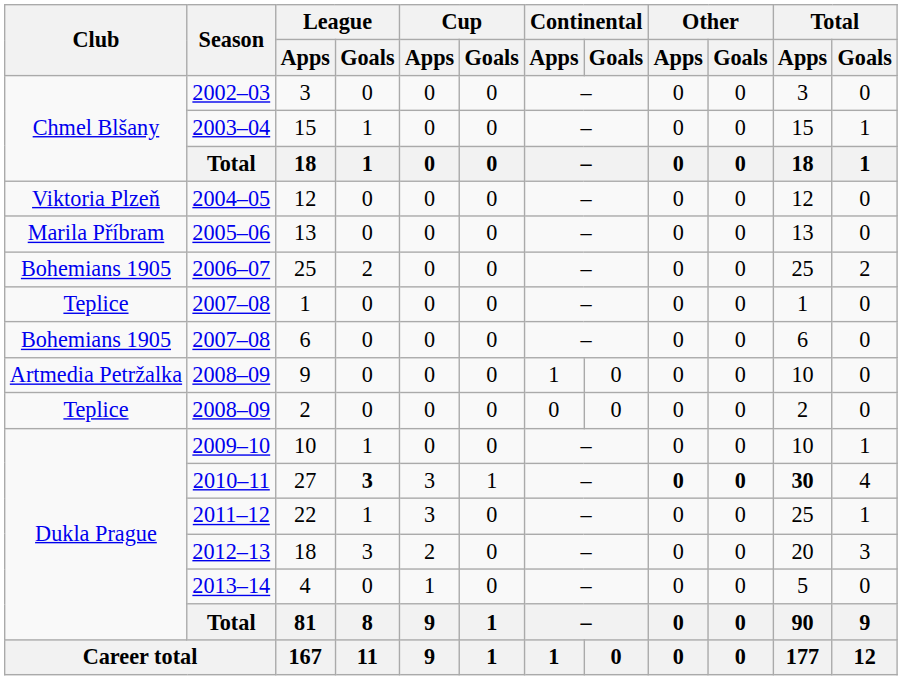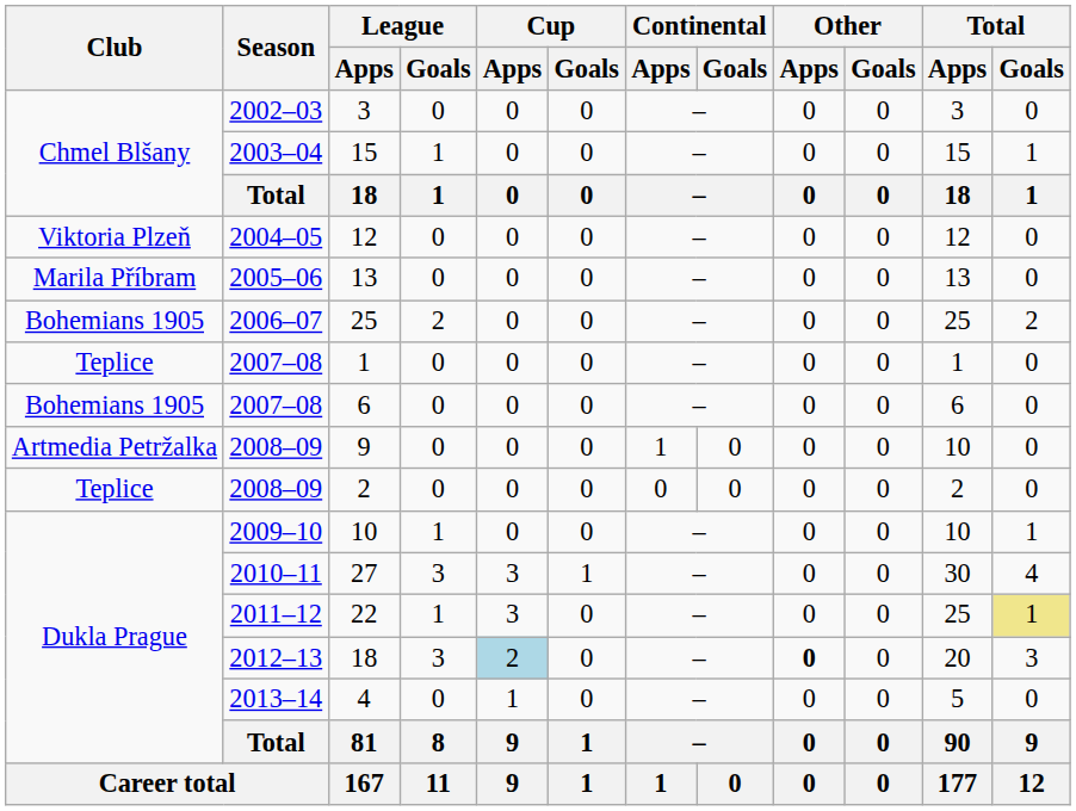 <table class="wikitable" style="text-align:center">
 <tr>
 <th rowspan="2">Club</th>
 <th rowspan="2">Season</th>
 <th colspan="2">League</th>
 <th colspan="2">Cup</th>
 <th colspan="2">Continental</th>
 <th colspan="2">Other</th>
 <th colspan="2">Total</th>
 </tr>
 <tr>
 <th>Apps</th>
 <th>Goals</th>
 <th>Apps</th>
 <th>Goals</th>
 <th>Apps</th>
 <th>Goals</th>
 <th>Apps</th>
 <th>Goals</th>
 <th>Apps</th>
 <th>Goals</th>
 </tr>
 <tr>
 <td rowspan="3"><a href='#'>Chmel Blšany</a></td>
 <td><a href='#'>2002–03</a></td>
 <td>3</td>
 <td>0</td>
 <td>0</td>
 <td>0</td>
 <td colspan="2">–</td>
 <td>0</td>
 <td>0</td>
 <td>3</td>
 <td>0</td>
 </tr>
 <tr>
 <td><a href='#'>2003–04</a></td>
 <td>15</td>
 <td>1</td>
 <td>0</td>
 <td>0</td>
 <td colspan="2">–</td>
 <td>0</td>
 <td>0</td>
 <td>15</td>
 <td>1</td>
 </tr>
 <tr>
 <th>Total</th>
 <th>18</th>
 <th>1</th>
 <th>0</th>
 <th>0</th>
 <th colspan="2">–</th>
 <th>0</th>
 <th>0</th>
 <th>18</th>
 <th>1</th>
 </tr>
 <tr>
 <td><a href='#'>Viktoria Plzeň</a></td>
 <td><a href='#'>2004–05</a></td>
 <td>12</td>
 <td>0</td>
 <td>0</td>
 <td>0</td>
 <td colspan="2">–</td>
 <td>0</td>
 <td>0</td>
 <td>12</td>
 <td>0</td>
 </tr>
 <tr>
 <td><a href='#'>Marila Příbram</a></td>
 <td><a href='#'>2005–06</a></td>
 <td>13</td>
 <td>0</td>
 <td>0</td>
 <td>0</td>
 <td colspan="2">–</td>
 <td>0</td>
 <td>0</td>
 <td>13</td>
 <td>0</td>
 </tr>
 <tr>
 <td><a href='#'>Bohemians 1905</a></td>
 <td><a href='#'>2006–07</a></td>
 <td>25</td>
 <td>2</td>
 <td>0</td>
 <td>0</td>
 <td colspan="2">–</td>
 <td>0</td>
 <td>0</td>
 <td>25</td>
 <td>2</td>
 </tr>
 <tr>
 <td><a href='#'>Teplice</a></td>
 <td><a href='#'>2007–08</a></td>
 <td>1</td>
 <td>0</td>
 <td>0</td>
 <td>0</td>
 <td colspan="2">–</td>
 <td>0</td>
 <td>0</td>
 <td>1</td>
 <td>0</td>
 </tr>
 <tr>
 <td><a href='#'>Bohemians 1905</a></td>
 <td><a href='#'>2007–08</a></td>
 <td>6</td>
 <td>0</td>
 <td>0</td>
 <td>0</td>
 <td colspan="2">–</td>
 <td>0</td>
 <td>0</td>
 <td>6</td>
 <td>0</td>
 </tr>
 <tr>
 <td><a href='#'>Artmedia Petržalka</a></td>
 <td><a href='#'>2008–09</a></td>
 <td>9</td>
 <td>0</td>
 <td>0</td>
 <td>0</td>
 <td>1</td>
 <td>0</td>
 <td>0</td>
 <td>0</td>
 <td>10</td>
 <td>0</td>
 </tr>
 <tr>
 <td><a href='#'>Teplice</a></td>
 <td><a href='#'>2008–09</a></td>
 <td>2</td>
 <td>0</td>
 <td>0</td>
 <td>0</td>
 <td>0</td>
 <td>0</td>
 <td>0</td>
 <td>0</td>
 <td>2</td>
 <td>0</td>
 </tr>
 <tr>
 <td rowspan="6"><a href='#'>Dukla Prague</a></td>
 <td><a href='#'>2009–10</a></td>
 <td>10</td>
 <td>1</td>
 <td>0</td>
 <td>0</td>
 <td colspan="2">–</td>
 <td>0</td>
 <td>0</td>
 <td>10</td>
 <td>1</td>
 </tr>
 <tr>
 <td><a href='#'>2010–11</a></td>
 <td>27</td>
-<td><strong>3</strong></td>
+<td>3</td>
 <td>3</td>
 <td>1</td>
 <td colspan="2">–</td>
-<td><strong>0</strong></td>
-<td><strong>0</strong></td>
-<td><strong>30</strong></td>
+<td>0</td>
+<td>0</td>
+<td>30</td>
 <td>4</td>
 </tr>
 <tr>
 <td><a href='#'>2011–12</a></td>
 <td>22</td>
 <td>1</td>
 <td>3</td>
 <td>0</td>
 <td colspan="2">–</td>
 <td>0</td>
 <td>0</td>
 <td>25</td>
-<td>1</td>
+<td style="background: khaki;">1</td>
 </tr>
 <tr>
 <td><a href='#'>2012–13</a></td>
 <td>18</td>
 <td>3</td>
-<td>2</td>
+<td style="background: lightblue;">2</td>
 <td>0</td>
 <td colspan="2">–</td>
-<td>0</td>
+<td><strong>0</strong></td>
 <td>0</td>
 <td>20</td>
 <td>3</td>
 </tr>
 <tr>
 <td><a href='#'>2013–14</a></td>
 <td>4</td>
 <td>0</td>
 <td>1</td>
 <td>0</td>
 <td colspan="2">–</td>
 <td>0</td>
 <td>0</td>
 <td>5</td>
 <td>0</td>
 </tr>
 <tr>
 <th>Total</th>
 <th>81</th>
 <th>8</th>
 <th>9</th>
 <th>1</th>
 <th colspan="2">–</th>
 <th>0</th>
 <th>0</th>
 <th>90</th>
 <th>9</th>
 </tr>
 <tr>
 <th colspan="2">Career total</th>
 <th>167</th>
 <th>11</th>
 <th>9</th>
 <th>1</th>
 <th>1</th>
 <th>0</th>
 <th>0</th>
 <th>0</th>
 <th>177</th>
 <th>12</th>
 </tr>
 </table>
